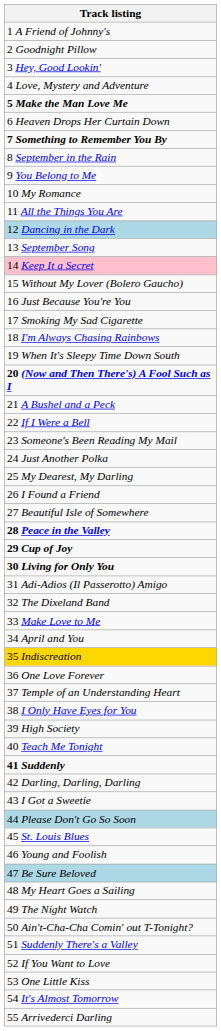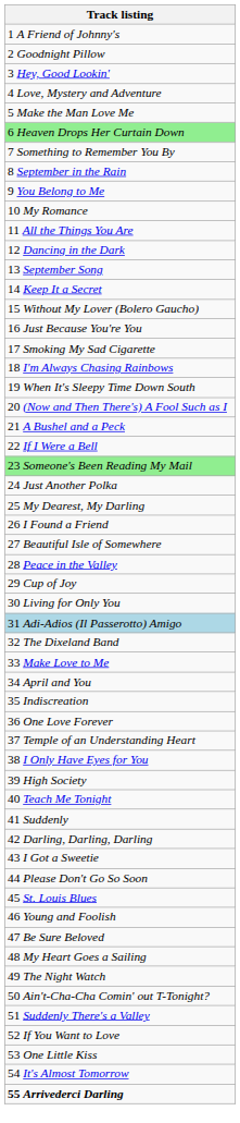 <table class="wikitable collapsible collapsed" style="width:300px;">
 <tr>
 <th>Track listing</th>
 </tr>
 <tr>
 <td>1 <em>A Friend of Johnny's</em></td>
 </tr>
 <tr>
 <td>2 <em>Goodnight Pillow</em></td>
 </tr>
 <tr>
 <td>3 <em><a href='#'>Hey, Good Lookin'</a></em></td>
 </tr>
 <tr>
 <td>4 <em>Love, Mystery and Adventure</em></td>
 </tr>
 <tr>
-<td><strong>5 <em>Make the Man Love Me</em></strong></td>
+<td>5 <em>Make the Man Love Me</em></td>
 </tr>
 <tr>
-<td>6 <em>Heaven Drops Her Curtain Down</em></td>
+<td style="background: lightgreen;">6 <em>Heaven Drops Her Curtain Down</em></td>
 </tr>
 <tr>
-<td><strong>7 <em>Something to Remember You By</em></strong></td>
+<td>7 <em>Something to Remember You By</em></td>
 </tr>
 <tr>
 <td>8 <em><a href='#'>September in the Rain</a></em></td>
 </tr>
 <tr>
 <td>9 <em><a href='#'>You Belong to Me</a></em></td>
 </tr>
 <tr>
 <td>10 <em>My Romance</em></td>
 </tr>
 <tr>
 <td>11 <em><a href='#'>All the Things You Are</a></em></td>
 </tr>
 <tr>
-<td style="background: lightblue;">12 <em><a href='#'>Dancing in the Dark</a></em></td>
+<td>12 <em><a href='#'>Dancing in the Dark</a></em></td>
 </tr>
 <tr>
 <td>13 <em><a href='#'>September Song</a></em></td>
 </tr>
 <tr>
-<td style="background: pink;">14 <em><a href='#'>Keep It a Secret</a></em></td>
+<td>14 <em><a href='#'>Keep It a Secret</a></em></td>
 </tr>
 <tr>
 <td>15 <em>Without My Lover (Bolero Gaucho)</em></td>
 </tr>
 <tr>
 <td>16 <em>Just Because You're You</em></td>
 </tr>
 <tr>
 <td>17 <em>Smoking My Sad Cigarette</em></td>
 </tr>
 <tr>
 <td>18 <em><a href='#'>I'm Always Chasing Rainbows</a></em></td>
 </tr>
 <tr>
 <td>19 <em>When It's Sleepy Time Down South</em></td>
 </tr>
 <tr>
-<td><strong>20 <em><a href='#'>(Now and Then There's) A Fool Such as I</a></em></strong></td>
+<td>20 <em><a href='#'>(Now and Then There's) A Fool Such as I</a></em></td>
 </tr>
 <tr>
 <td>21 <em><a href='#'>A Bushel and a Peck</a></em></td>
 </tr>
 <tr>
 <td>22 <em><a href='#'>If I Were a Bell</a></em></td>
 </tr>
 <tr>
-<td>23 <em>Someone's Been Reading My Mail</em></td>
+<td style="background: lightgreen;">23 <em>Someone's Been Reading My Mail</em></td>
 </tr>
 <tr>
 <td>24 <em> Just Another Polka</em></td>
 </tr>
 <tr>
 <td>25 <em>My Dearest, My Darling</em></td>
 </tr>
 <tr>
 <td>26 <em>I Found a Friend</em></td>
 </tr>
 <tr>
 <td>27 <em>Beautiful Isle of Somewhere</em></td>
 </tr>
 <tr>
-<td><strong>28 <em><a href='#'>Peace in the Valley</a></em></strong></td>
+<td>28 <em><a href='#'>Peace in the Valley</a></em></td>
 </tr>
 <tr>
-<td><strong>29 <em>Cup of Joy</em></strong></td>
+<td>29 <em>Cup of Joy</em></td>
 </tr>
 <tr>
-<td><strong>30 <em>Living for Only You</em></strong></td>
+<td>30 <em>Living for Only You</em></td>
 </tr>
 <tr>
-<td>31 <em>Adi-Adios (Il Passerotto) Amigo</em></td>
+<td style="background: lightblue;">31 <em>Adi-Adios (Il Passerotto) Amigo</em></td>
 </tr>
 <tr>
 <td>32 <em>The Dixeland Band</em></td>
 </tr>
 <tr>
 <td>33 <em><a href='#'>Make Love to Me</a></em></td>
 </tr>
 <tr>
 <td>34 <em>April and You</em></td>
 </tr>
 <tr>
-<td style="background: gold;">35 <em>Indiscreation</em></td>
+<td>35 <em>Indiscreation</em></td>
 </tr>
 <tr>
 <td>36 <em>One Love Forever</em></td>
 </tr>
 <tr>
 <td>37 <em>Temple of an Understanding Heart</em></td>
 </tr>
 <tr>
 <td>38 <em><a href='#'>I Only Have Eyes for You</a></em></td>
 </tr>
 <tr>
 <td>39 <em>High Society</em></td>
 </tr>
 <tr>
 <td>40 <em><a href='#'>Teach Me Tonight</a></em></td>
 </tr>
 <tr>
-<td><strong>41 <em>Suddenly</em></strong></td>
+<td>41 <em>Suddenly</em></td>
 </tr>
 <tr>
 <td>42 <em>Darling, Darling, Darling</em></td>
 </tr>
 <tr>
 <td>43 <em>I Got a Sweetie</em></td>
 </tr>
 <tr>
-<td style="background: lightblue;">44 <em>Please Don't Go So Soon</em></td>
+<td>44 <em>Please Don't Go So Soon</em></td>
 </tr>
 <tr>
 <td>45 <em><a href='#'>St. Louis Blues</a></em></td>
 </tr>
 <tr>
 <td>46 <em>Young and Foolish</em></td>
 </tr>
 <tr>
-<td style="background: lightblue;">47 <em>Be Sure Beloved</em></td>
+<td>47 <em>Be Sure Beloved</em></td>
 </tr>
 <tr>
 <td>48 <em>My Heart Goes a Sailing</em></td>
 </tr>
 <tr>
 <td>49 <em>The Night Watch</em></td>
 </tr>
 <tr>
 <td>50 <em>Ain't-Cha-Cha Comin' out T-Tonight?</em></td>
 </tr>
 <tr>
 <td>51 <em><a href='#'>Suddenly There's a Valley</a></em></td>
 </tr>
 <tr>
 <td>52 <em>If You Want to Love</em></td>
 </tr>
 <tr>
 <td>53 <em>One Little Kiss</em></td>
 </tr>
 <tr>
 <td>54 <em><a href='#'>It's Almost Tomorrow</a></em></td>
 </tr>
 <tr>
-<td>55 <em>Arrivederci Darling</em></td>
+<td><strong>55 <em>Arrivederci Darling</em></strong></td>
 </tr>
 </table>
